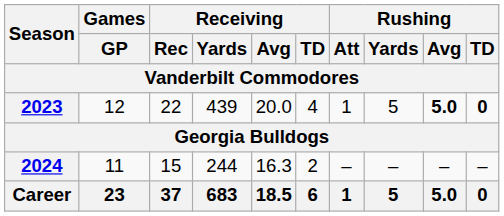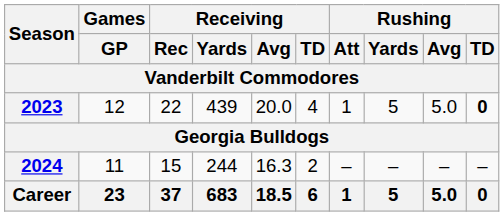 <table class="wikitable" style="text-align:center;">
 <tr>
 <th rowspan="2">Season</th>
 <th>Games</th>
 <th colspan="4">Receiving</th>
 <th colspan="4">Rushing</th>
 </tr>
 <tr>
 <th>GP</th>
 <th>Rec</th>
 <th>Yards</th>
 <th>Avg</th>
 <th>TD</th>
 <th>Att</th>
 <th>Yards</th>
 <th>Avg</th>
 <th>TD</th>
 </tr>
 <tr>
 <th colspan="11">Vanderbilt Commodores</th>
 </tr>
 <tr>
 <th><a href='#'>2023</a></th>
 <td>12</td>
 <td>22</td>
 <td>439</td>
 <td>20.0</td>
 <td>4</td>
 <td>1</td>
 <td>5</td>
-<td><strong>5.0</strong></td>
+<td>5.0</td>
 <td><strong>0</strong></td>
 </tr>
 <tr>
 <th colspan="11">Georgia Bulldogs</th>
 </tr>
 <tr>
 <th><a href='#'>2024</a></th>
 <td>11</td>
 <td>15</td>
 <td>244</td>
 <td>16.3</td>
 <td>2</td>
 <td>–</td>
 <td>–</td>
 <td>–</td>
 <td>–</td>
 </tr>
 <tr>
 <th>Career</th>
 <th>23</th>
 <th>37</th>
 <th>683</th>
 <th>18.5</th>
 <th>6</th>
 <th>1</th>
 <th>5</th>
 <th>5.0</th>
 <th>0</th>
 </tr>
 </table>
